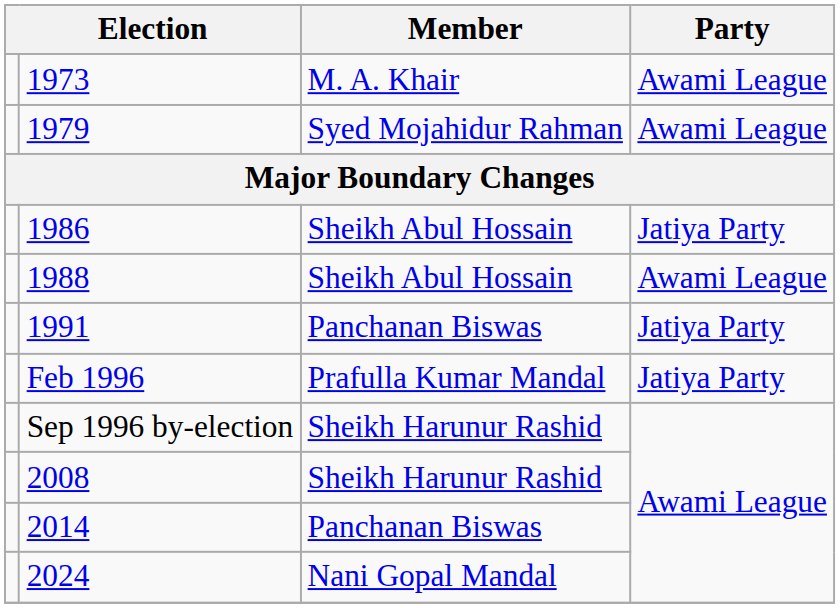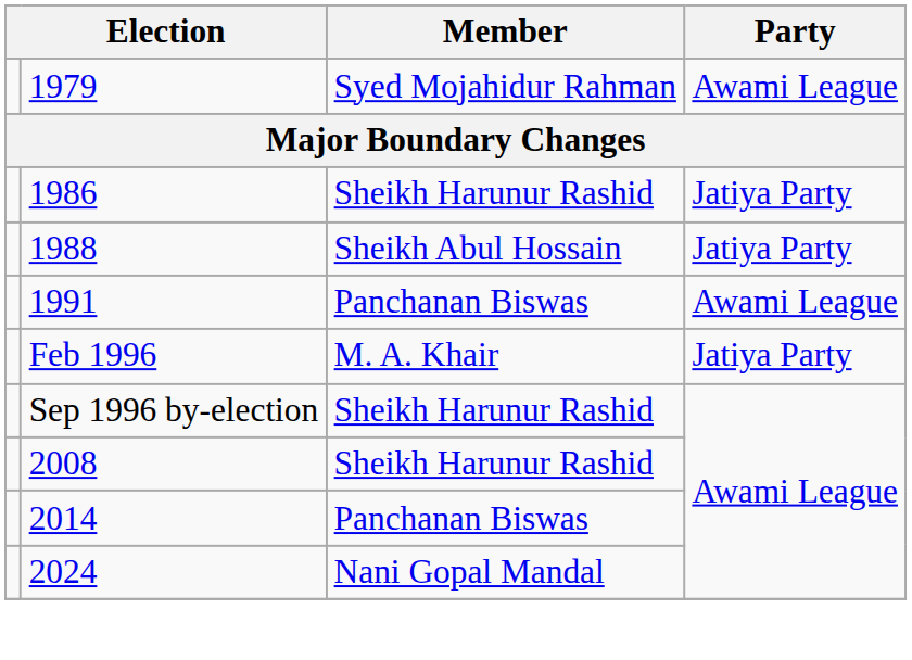 <table class="wikitable">
 <tr>
 <th colspan="2">Election</th>
 <th>Member</th>
 <th>Party</th>
-</tr>
-<tr>
-<td style="background-color:"></td>
-<td><a href='#'>1973</a></td>
-<td><a href='#'>M. A. Khair</a></td>
-<td><a href='#'>Awami League</a></td>
 </tr>
 <tr>
 <td style="background-color:"></td>
 <td><a href='#'>1979</a></td>
 <td><a href='#'>Syed Mojahidur Rahman</a></td>
 <td><a href='#'>Awami League</a></td>
 </tr>
 <tr>
 <th colspan="4">Major Boundary Changes</th>
 </tr>
 <tr>
 <td style="background-color:"></td>
 <td><a href='#'>1986</a></td>
-<td><a href='#'>Sheikh Abul Hossain</a></td>
+<td><a href='#'>Sheikh Harunur Rashid</a></td>
 <td><a href='#'>Jatiya Party</a></td>
 </tr>
 <tr>
 <td style="background-color:"></td>
 <td><a href='#'>1988</a></td>
 <td><a href='#'>Sheikh Abul Hossain</a></td>
-<td><a href='#'>Awami League</a></td>
+<td><a href='#'>Jatiya Party</a></td>
 </tr>
 <tr>
 <td style="background-color:"></td>
 <td><a href='#'>1991</a></td>
 <td><a href='#'>Panchanan Biswas</a></td>
-<td><a href='#'>Jatiya Party</a></td>
+<td><a href='#'>Awami League</a></td>
 </tr>
 <tr>
 <td style="background-color:"></td>
 <td><a href='#'>Feb 1996</a></td>
-<td><a href='#'>Prafulla Kumar Mandal</a></td>
+<td><a href='#'>M. A. Khair</a></td>
 <td><a href='#'>Jatiya Party</a></td>
 </tr>
 <tr>
 <td style="background-color:"></td>
 <td>Sep 1996 by-election</td>
 <td><a href='#'>Sheikh Harunur Rashid</a></td>
 <td rowspan="4"><a href='#'>Awami League</a></td>
 </tr>
 <tr>
 <td style="background-color:"></td>
 <td><a href='#'>2008</a></td>
 <td><a href='#'>Sheikh Harunur Rashid</a></td>
 </tr>
 <tr>
 <td style="background-color:"></td>
 <td><a href='#'>2014</a></td>
 <td><a href='#'>Panchanan Biswas</a></td>
 </tr>
 <tr>
 <td style="background-color:"></td>
 <td><a href='#'>2024</a></td>
 <td><a href='#'>Nani Gopal Mandal</a></td>
 </tr>
 <tr>
 </tr>
 </table>
